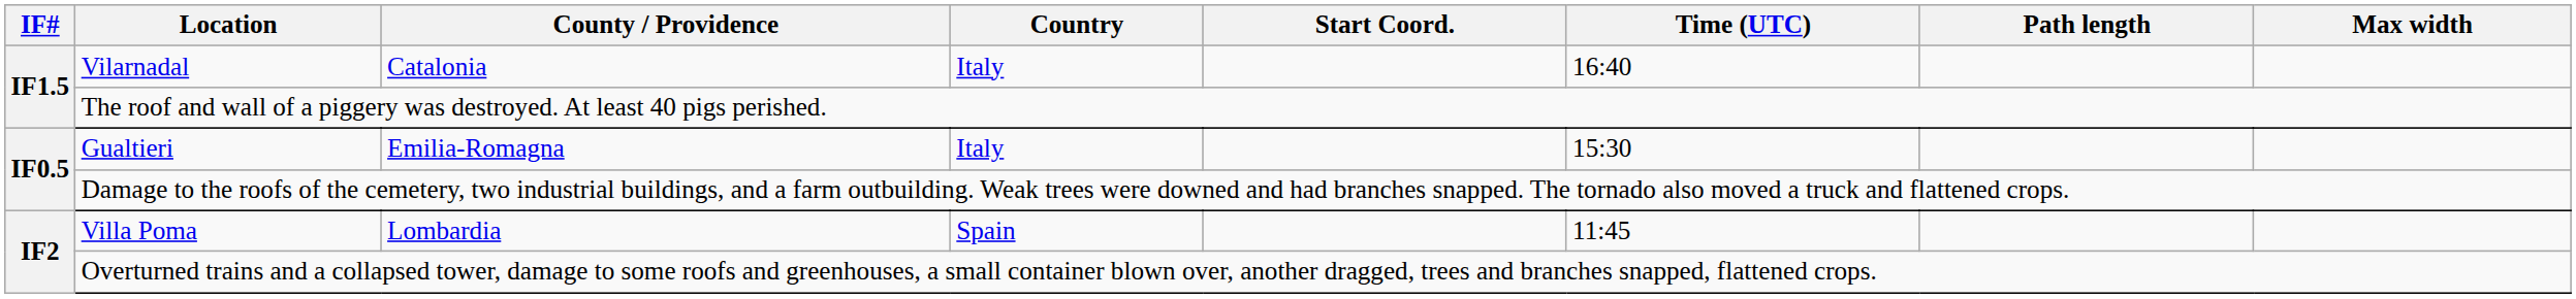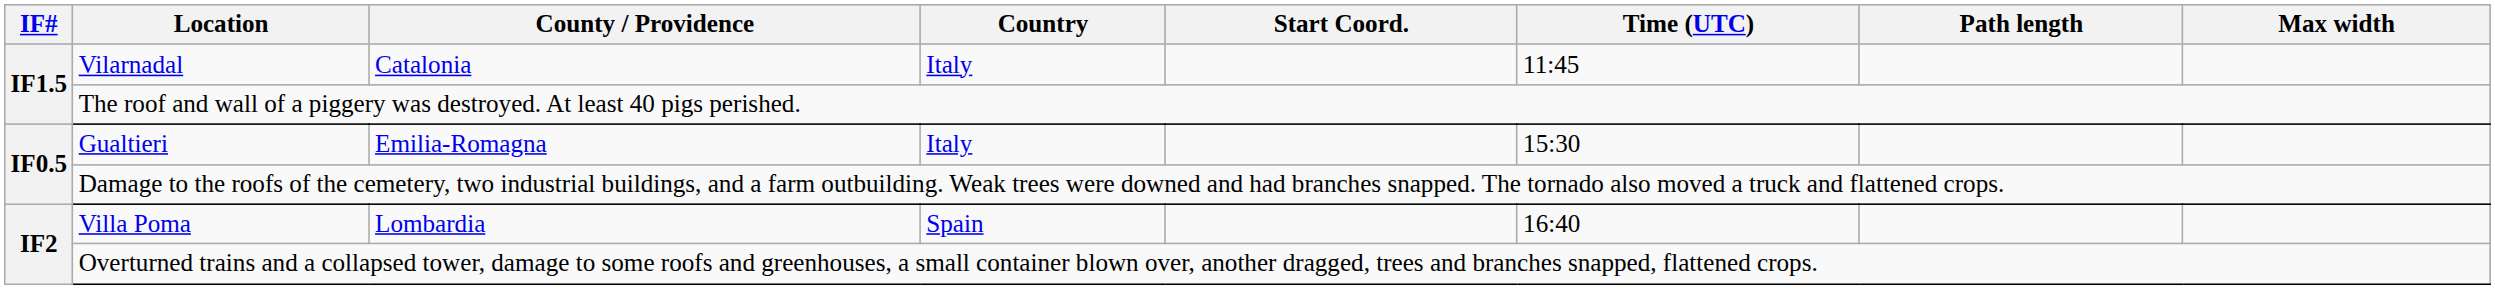 <table class="wikitable sortable" style="width:100%;">
 <tr>
 <th scope="col" width="2%" align="center"><a href='#'>IF#</a></th>
 <th scope="col" align="center" class="unsortable">Location</th>
 <th scope="col" align="center" class="unsortable">County / Providence</th>
 <th scope="col" align="center">Country</th>
 <th scope="col" align="center">Start Coord.</th>
 <th scope="col" align="center">Time (<a href='#'>UTC</a>)</th>
 <th scope="col" align="center">Path length</th>
 <th scope="col" align="center">Max width</th>
 </tr>
 <tr>
 <th scope="row" rowspan="2" style="background-color:#">IF1.5</th>
 <td><a href='#'>Vilarnadal</a></td>
 <td><a href='#'>Catalonia</a></td>
 <td><a href='#'>Italy</a></td>
 <td></td>
-<td>16:40</td>
+<td>11:45</td>
 <td></td>
 <td></td>
 </tr>
 <tr class="expand-child">
 <td colspan="8" style=" border-bottom: 1px solid black;">The roof and wall of a piggery was destroyed. At least 40 pigs perished.</td>
 </tr>
 <tr>
 <th scope="row" rowspan="2" style="background-color:#">IF0.5</th>
 <td><a href='#'>Gualtieri</a></td>
 <td><a href='#'>Emilia-Romagna</a></td>
 <td><a href='#'>Italy</a></td>
 <td></td>
 <td>15:30</td>
 <td></td>
 <td></td>
 </tr>
 <tr class="expand-child">
 <td colspan="8" style=" border-bottom: 1px solid black;">Damage to the roofs of the cemetery, two industrial buildings, and a farm outbuilding. Weak trees were downed and had branches snapped. The tornado also moved a truck and flattened crops.</td>
 </tr>
 <tr>
 <th scope="row" rowspan="2" style="background-color:#">IF2</th>
 <td><a href='#'>Villa Poma</a></td>
 <td><a href='#'>Lombardia</a></td>
 <td><a href='#'>Spain</a></td>
 <td></td>
-<td>11:45</td>
+<td>16:40</td>
 <td></td>
 <td></td>
 </tr>
 <tr class="expand-child">
 <td colspan="8" style=" border-bottom: 1px solid black;">Overturned trains and a collapsed tower, damage to some roofs and greenhouses, a small container blown over, another dragged, trees and branches snapped, flattened crops.</td>
 </tr>
 </table>
